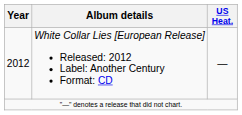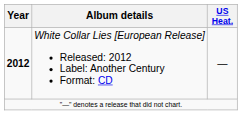 <table class="wikitable">
 <tr>
 <th>Year</th>
 <th>Album details</th>
 <th style="width:3em;font-size:85%"><a href='#'>US<br>Heat.</a><br></th>
 </tr>
 <tr>
-<td align="center">2012</td>
+<td align="center"><strong>2012</strong></td>
 <td><em>White Collar Lies [European Release]</em><br><ul><li>Released: 2012</li><li>Label: Another Century</li><li>Format: <a href='#'>CD</a></li></ul></td>
 <td style="text-align:center;">—</td>
 </tr>
 <tr>
 <td colspan="6" style="text-align:center; font-size:8pt;">"—" denotes a release that did not chart.</td>
 </tr>
 </table>
